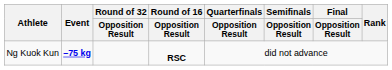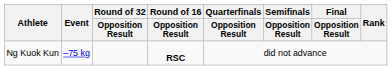 <table class=wikitable style=font-size:90%;text-align:center>
 <tr>
 <th rowspan="2">Athlete</th>
 <th rowspan="2">Event</th>
 <th>Round of 32</th>
 <th>Round of 16</th>
 <th>Quarterfinals</th>
 <th>Semifinals</th>
 <th>Final</th>
 <th rowspan=2>Rank</th>
 </tr>
 <tr style="font-size:95%">
 <th>Opposition<br>Result</th>
 <th>Opposition<br>Result</th>
 <th>Opposition<br>Result</th>
 <th>Opposition<br>Result</th>
 <th>Opposition<br>Result</th>
 </tr>
 <tr>
 <td align=left>Ng Kuok Kun</td>
-<td align=left><strong><a href='#'>–75 kg</a></strong></td>
+<td align=left><a href='#'>–75 kg</a></td>
 <td></td>
 <td><br><strong>RSC</strong></td>
 <td colspan=4>did not advance</td>
 </tr>
 </table>
